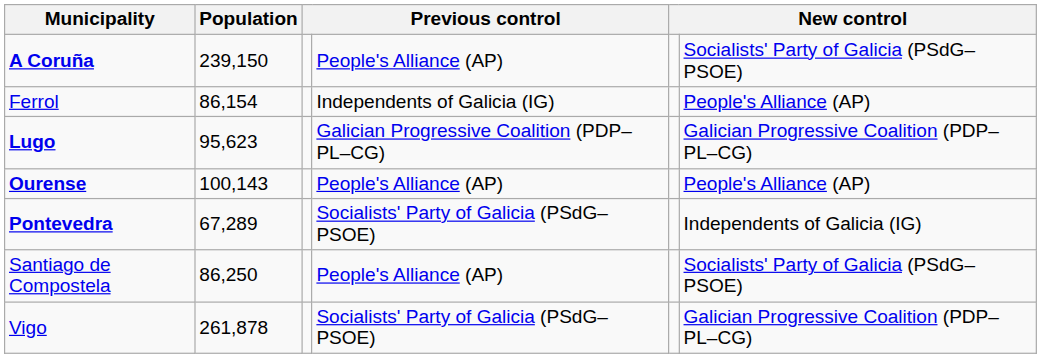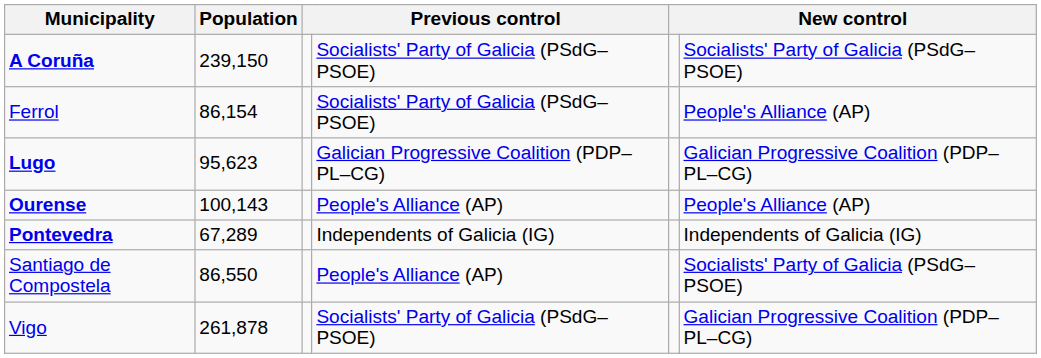 <table class="wikitable sortable">
 <tr>
 <th>Municipality</th>
 <th>Population</th>
 <th colspan="2" style="width:375px;">Previous control</th>
 <th colspan="2" style="width:375px;">New control</th>
 </tr>
 <tr>
 <td><strong><a href='#'>A Coruña</a></strong></td>
 <td>239,150</td>
 <td width="1" style="color:inherit;background:"></td>
-<td><a href='#'>People's Alliance</a> (AP)</td>
+<td><a href='#'>Socialists' Party of Galicia</a> (PSdG–PSOE)</td>
 <td width="1" style="color:inherit;background:"></td>
 <td><a href='#'>Socialists' Party of Galicia</a> (PSdG–PSOE)</td>
 </tr>
 <tr>
 <td><a href='#'>Ferrol</a></td>
 <td>86,154</td>
 <td style="color:inherit;background:"></td>
-<td>Independents of Galicia (IG)</td>
+<td><a href='#'>Socialists' Party of Galicia</a> (PSdG–PSOE)</td>
 <td style="color:inherit;background:"></td>
 <td><a href='#'>People's Alliance</a> (AP) </td>
 </tr>
 <tr>
 <td><strong><a href='#'>Lugo</a></strong></td>
 <td>95,623</td>
 <td style="color:inherit;background:"></td>
 <td><a href='#'>Galician Progressive Coalition</a> (PDP–PL–CG)</td>
 <td style="color:inherit;background:"></td>
 <td><a href='#'>Galician Progressive Coalition</a> (PDP–PL–CG)</td>
 </tr>
 <tr>
 <td><strong><a href='#'>Ourense</a></strong></td>
 <td>100,143</td>
 <td style="color:inherit;background:"></td>
 <td><a href='#'>People's Alliance</a> (AP)</td>
 <td style="color:inherit;background:"></td>
 <td><a href='#'>People's Alliance</a> (AP) </td>
 </tr>
 <tr>
 <td><strong><a href='#'>Pontevedra</a></strong></td>
 <td>67,289</td>
 <td style="color:inherit;background:"></td>
-<td><a href='#'>Socialists' Party of Galicia</a> (PSdG–PSOE)</td>
+<td>Independents of Galicia (IG)</td>
 <td style="color:inherit;background:"></td>
 <td>Independents of Galicia (IG)</td>
 </tr>
 <tr>
 <td><a href='#'>Santiago de Compostela</a></td>
-<td>86,250</td>
+<td>86,550</td>
 <td style="color:inherit;background:"></td>
 <td><a href='#'>People's Alliance</a> (AP)</td>
 <td style="color:inherit;background:"></td>
 <td><a href='#'>Socialists' Party of Galicia</a> (PSdG–PSOE)</td>
 </tr>
 <tr>
 <td><a href='#'>Vigo</a></td>
 <td>261,878</td>
 <td style="color:inherit;background:"></td>
 <td><a href='#'>Socialists' Party of Galicia</a> (PSdG–PSOE)</td>
 <td style="color:inherit;background:"></td>
 <td><a href='#'>Galician Progressive Coalition</a> (PDP–PL–CG)</td>
 </tr>
 </table>
